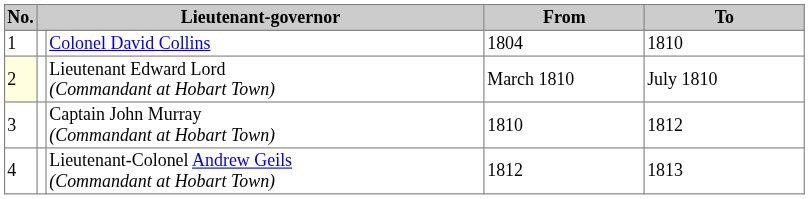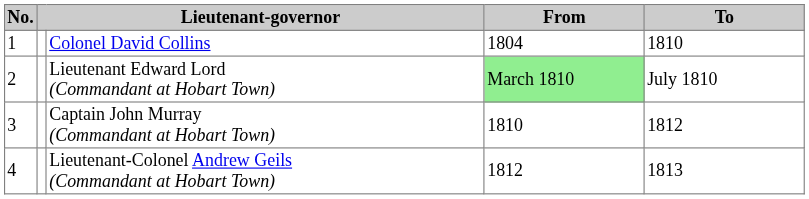 <table border="1" cellspacing="0" cellpadding="2" style="border-collapse:collapse;">
 <tr style="background:#ccc;">
 <th style="width:4%;">No.</th>
 <th colspan=2 style="width:56%;">Lieutenant-governor</th>
 <th style="width:20%;">From</th>
 <th style="width:20%;">To</th>
 </tr>
 <tr>
 <td>1</td>
 <td></td>
 <td><a href='#'>Colonel David Collins</a></td>
 <td>1804</td>
 <td>1810</td>
 </tr>
 <tr>
-<td style="background: lightyellow;">2</td>
+<td>2</td>
 <td></td>
 <td>Lieutenant Edward Lord<br><em>(Commandant at Hobart Town)</em></td>
-<td>March 1810</td>
+<td style="background: lightgreen;">March 1810</td>
 <td>July 1810</td>
 </tr>
 <tr>
 <td>3</td>
 <td></td>
 <td>Captain John Murray<br><em>(Commandant at Hobart Town)</em></td>
 <td>1810</td>
 <td>1812</td>
 </tr>
 <tr>
 <td>4</td>
 <td></td>
 <td>Lieutenant-Colonel <a href='#'>Andrew Geils</a><br><em>(Commandant at Hobart Town)</em></td>
 <td>1812</td>
 <td>1813</td>
 </tr>
 </table>
